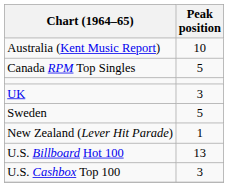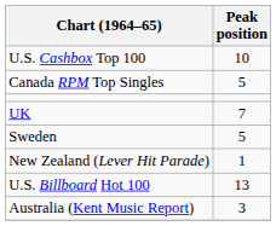 <table class="wikitable sortable">
 <tr>
 <th>Chart (1964–65)</th>
 <th>Peak<br>position</th>
 </tr>
 <tr>
-<td>Australia (<a href='#'>Kent Music Report</a>)</td>
+<td>U.S. <em><a href='#'>Cashbox</a></em> Top 100</td>
 <td style="text-align:center;">10</td>
 </tr>
 <tr>
 <td>Canada <em><a href='#'>RPM</a></em> Top Singles</td>
 <td style="text-align:center;">5</td>
 </tr>
 <tr>
 <td></td>
 </tr>
 <tr>
 <td><a href='#'>UK</a></td>
-<td style="text-align:center;">3</td>
+<td style="text-align:center;">7</td>
 </tr>
 <tr>
 <td>Sweden</td>
 <td style="text-align:center;">5</td>
 </tr>
 <tr>
 <td>New Zealand (<em>Lever Hit Parade</em>)</td>
 <td style="text-align:center;">1</td>
 </tr>
 <tr>
 <td>U.S. <em><a href='#'>Billboard</a></em> <a href='#'>Hot 100</a></td>
 <td style="text-align:center;">13</td>
 </tr>
 <tr>
-<td>U.S. <em><a href='#'>Cashbox</a></em> Top 100</td>
+<td>Australia (<a href='#'>Kent Music Report</a>)</td>
 <td align="center">3</td>
 </tr>
 <tr>
 </tr>
 </table>
